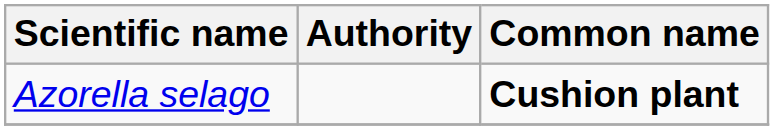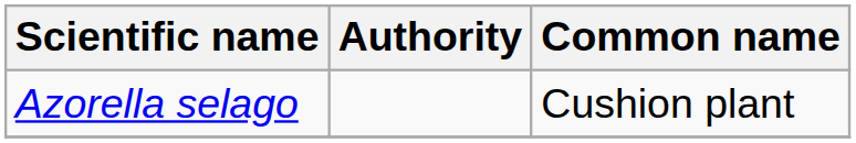 <table class="wikitable sortable">
 <tr>
 <th>Scientific name</th>
 <th>Authority</th>
 <th>Common name</th>
 </tr>
 <tr>
 <td><em><a href='#'>Azorella selago</a></em></td>
 <td></td>
-<td><strong>Cushion plant</strong></td>
+<td>Cushion plant</td>
 </tr>
 <tr>
 </tr>
 </table>
